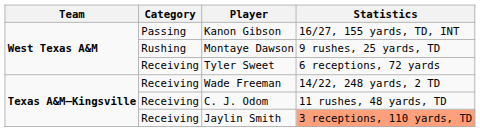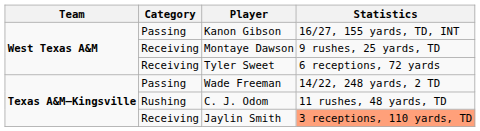 <table class="wikitable" style="float: right;">
 <tr>
 <th>Team</th>
 <th>Category</th>
 <th>Player</th>
 <th>Statistics</th>
 </tr>
 <tr>
 <td rowspan=3><strong>West Texas A&M</strong></td>
 <td>Passing</td>
 <td>Kanon Gibson</td>
 <td>16/27, 155 yards, TD, INT</td>
 </tr>
 <tr>
-<td>Rushing</td>
+<td>Receiving</td>
 <td>Montaye Dawson</td>
 <td>9 rushes, 25 yards, TD</td>
 </tr>
 <tr>
 <td>Receiving</td>
 <td>Tyler Sweet</td>
 <td>6 receptions, 72 yards</td>
 </tr>
 <tr>
 <td rowspan=3><strong>Texas A&M–Kingsville</strong></td>
-<td>Receiving</td>
+<td>Passing</td>
 <td>Wade Freeman</td>
 <td>14/22, 248 yards, 2 TD</td>
 </tr>
 <tr>
-<td>Receiving</td>
+<td>Rushing</td>
 <td>C. J. Odom</td>
 <td>11 rushes, 48 yards, TD</td>
 </tr>
 <tr>
 <td>Receiving</td>
 <td>Jaylin Smith</td>
 <td style="background: lightsalmon;">3 receptions, 110 yards, TD</td>
 </tr>
 </table>
